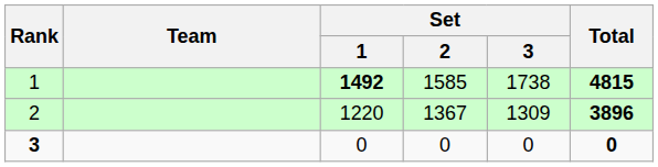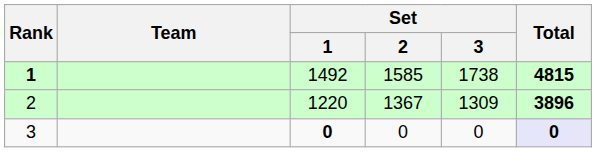 <table class=wikitable style="text-align:center">
 <tr>
 <th rowspan="2" width=40>Rank</th>
 <th rowspan="2" width=200>Team</th>
 <th colspan="3">Set</th>
 <th rowspan="2" width=60>Total</th>
 </tr>
 <tr>
 <th width=60>1</th>
 <th width=60>2</th>
 <th width=60>3</th>
 </tr>
 <tr bgcolor="ccffcc">
-<td>1</td>
+<td><strong>1</strong></td>
 <td align=left></td>
-<td><strong>1492</strong></td>
+<td>1492</td>
 <td>1585</td>
 <td>1738</td>
 <td><strong>4815</strong></td>
 </tr>
 <tr bgcolor="ccffcc">
 <td>2</td>
 <td align=left></td>
 <td>1220</td>
 <td>1367</td>
 <td>1309</td>
 <td><strong>3896</strong></td>
 </tr>
 <tr>
-<td><strong>3</strong></td>
+<td>3</td>
 <td align=left></td>
+<td><strong>0</strong></td>
 <td>0</td>
 <td>0</td>
-<td>0</td>
-<td><strong>0</strong></td>
+<td style="background: lavender;"><strong>0</strong></td>
 </tr>
 </table>
